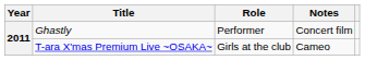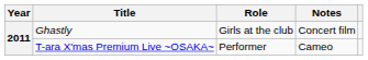 <table class="wikitable sortable plainrowheaders">
 <tr>
 <th scope="col">Year</th>
 <th scope="col">Title</th>
 <th scope="col">Role</th>
 <th scope="col">Notes</th>
 <th scope="col" class="unsortable"></th>
 </tr>
 <tr>
 <th rowspan="2" scope="row">2011</th>
 <td><em>Ghastly</em></td>
-<td>Performer</td>
+<td>Girls at the club</td>
 <td>Concert film</td>
 <td></td>
 </tr>
 <tr>
 <td><a href='#'>T-ara X'mas Premium Live ~OSAKA~</a></td>
-<td>Girls at the club</td>
+<td>Performer</td>
 <td>Cameo</td>
 <td></td>
 </tr>
 </table>
